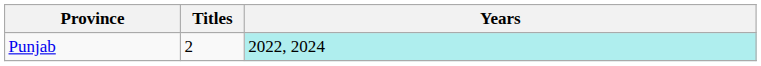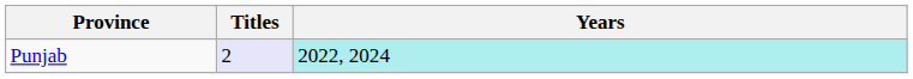 <table class="wikitable " style="font-size: 95%;">
 <tr>
 <th width="150">Province</th>
 <th width="50">Titles</th>
 <th width="450">Years</th>
 </tr>
 <tr>
 <td><a href='#'>Punjab</a></td>
-<td>2</td>
+<td style="background: lavender;">2</td>
 <td style="background: paleturquoise;">2022, 2024</td>
 </tr>
 <tr>
 </tr>
 </table>
